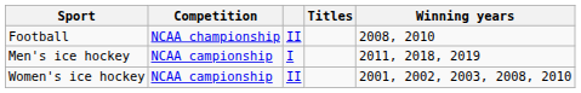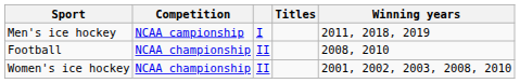 <table class="wikitable"; style= "text-align: ">
 <tr>
 <th width=px>Sport</th>
 <th width=px>Competition</th>
 <th width=px></th>
 <th width=px>Titles</th>
 <th width=px>Winning years</th>
 </tr>
 <tr>
+<td>Men's ice hockey</td>
+<td><a href='#'>NCAA campionship</a></td>
+<td><a href='#'>I</a></td>
+<td></td>
+<td>2011, 2018, 2019</td>
+</tr>
+<tr>
 <td>Football</td>
 <td><a href='#'>NCAA championship</a></td>
 <td><a href='#'>II</a></td>
 <td></td>
 <td>2008, 2010</td>
 </tr>
 <tr>
-<td>Men's ice hockey</td>
-<td><a href='#'>NCAA campionship</a></td>
-<td><a href='#'>I</a></td>
-<td></td>
-<td>2011, 2018, 2019</td>
-</tr>
-<tr>
 <td>Women's ice hockey</td>
-<td><a href='#'>NCAA campionship</a></td>
+<td><a href='#'>NCAA championship</a></td>
 <td><a href='#'>II</a></td>
 <td></td>
 <td>2001, 2002, 2003, 2008, 2010</td>
 </tr>
 </table>
